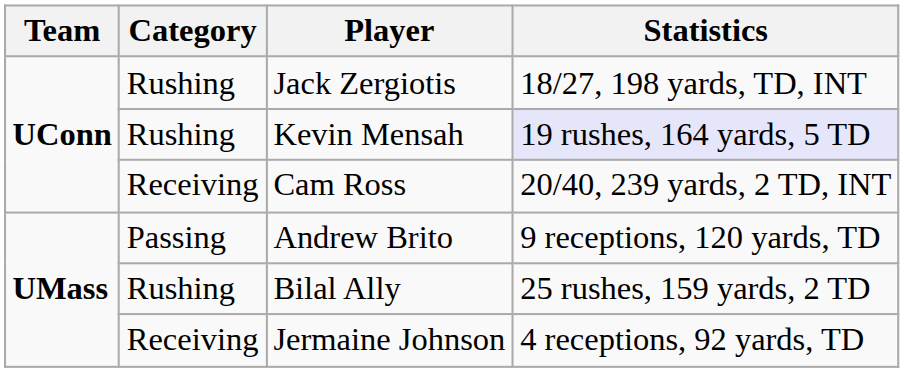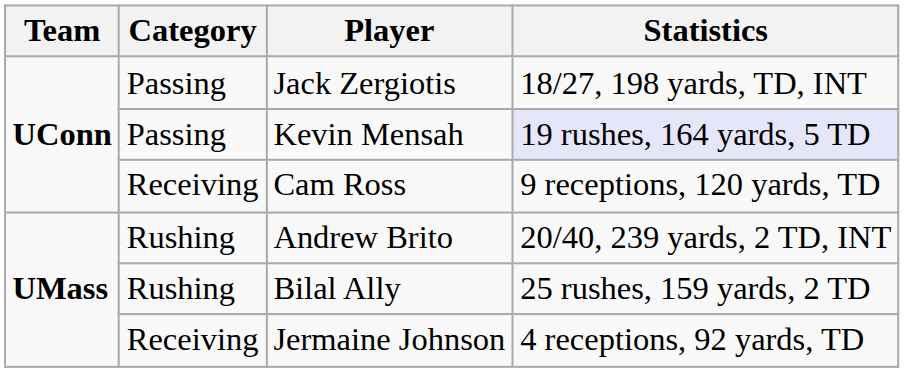 <table class="wikitable" style="float: left;">
 <tr>
 <th>Team</th>
 <th>Category</th>
 <th>Player</th>
 <th>Statistics</th>
 </tr>
 <tr>
 <td rowspan=3><strong>UConn</strong></td>
-<td>Rushing</td>
+<td>Passing</td>
 <td>Jack Zergiotis</td>
 <td>18/27, 198 yards, TD, INT</td>
 </tr>
 <tr>
-<td>Rushing</td>
+<td>Passing</td>
 <td>Kevin Mensah</td>
 <td style="background: lavender;">19 rushes, 164 yards, 5 TD</td>
 </tr>
 <tr>
 <td>Receiving</td>
 <td>Cam Ross</td>
-<td>20/40, 239 yards, 2 TD, INT</td>
+<td>9 receptions, 120 yards, TD</td>
 </tr>
 <tr>
 <td rowspan=3><strong>UMass</strong></td>
-<td>Passing</td>
+<td>Rushing</td>
 <td>Andrew Brito</td>
-<td>9 receptions, 120 yards, TD</td>
+<td>20/40, 239 yards, 2 TD, INT</td>
 </tr>
 <tr>
 <td>Rushing</td>
 <td>Bilal Ally</td>
 <td>25 rushes, 159 yards, 2 TD</td>
 </tr>
 <tr>
 <td>Receiving</td>
 <td>Jermaine Johnson</td>
 <td>4 receptions, 92 yards, TD</td>
 </tr>
 </table>
